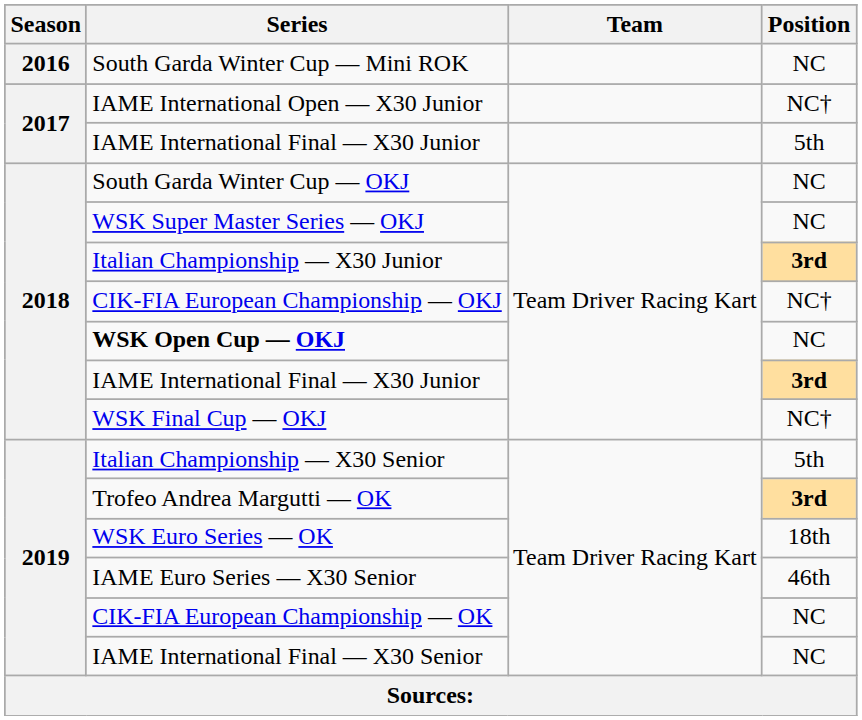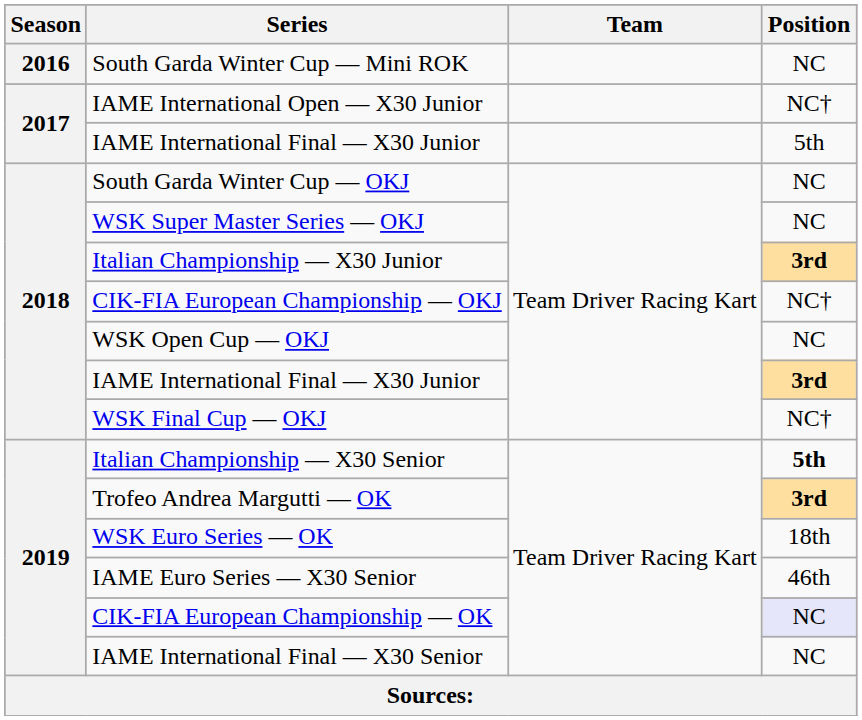 <table class="wikitable" style="font-size: 85%; text-align:center">
 <tr>
 <th>Season</th>
 <th>Series</th>
 <th>Team</th>
 <th>Position</th>
 </tr>
 <tr>
 <th>2016</th>
 <td align="left">South Garda Winter Cup — Mini ROK</td>
 <td align="left"></td>
 <td>NC</td>
 </tr>
 <tr>
 <th rowspan="2">2017</th>
 <td align="left">IAME International Open — X30 Junior</td>
 <td align="left"></td>
 <td>NC†</td>
 </tr>
 <tr>
 <td align="left">IAME International Final — X30 Junior</td>
 <td align="left"></td>
 <td>5th</td>
 </tr>
 <tr>
 <th rowspan="7">2018</th>
 <td align="left">South Garda Winter Cup — <a href='#'>OKJ</a></td>
 <td rowspan="7"  align="left">Team Driver Racing Kart</td>
 <td>NC</td>
 </tr>
 <tr>
 <td align="left"><a href='#'>WSK Super Master Series</a> — <a href='#'>OKJ</a></td>
 <td>NC</td>
 </tr>
 <tr>
 <td align="left"><a href='#'>Italian Championship</a> — X30 Junior</td>
 <td style="background:#FFDF9F;"><strong>3rd</strong></td>
 </tr>
 <tr>
 <td align="left"><a href='#'>CIK-FIA European Championship</a> — <a href='#'>OKJ</a></td>
 <td>NC†</td>
 </tr>
 <tr>
-<td align="left"><strong>WSK Open Cup — <a href='#'>OKJ</a></strong></td>
+<td align="left">WSK Open Cup — <a href='#'>OKJ</a></td>
 <td>NC</td>
 </tr>
 <tr>
 <td align="left">IAME International Final — X30 Junior</td>
 <td style="background:#FFDF9F;"><strong>3rd</strong></td>
 </tr>
 <tr>
 <td align="left"><a href='#'>WSK Final Cup</a> — <a href='#'>OKJ</a></td>
 <td>NC†</td>
 </tr>
 <tr>
 <th rowspan="6">2019</th>
 <td align="left"><a href='#'>Italian Championship</a> — X30 Senior</td>
 <td rowspan="6" align="left">Team Driver Racing Kart</td>
-<td>5th</td>
+<td><strong>5th</strong></td>
 </tr>
 <tr>
 <td align="left">Trofeo Andrea Margutti — <a href='#'>OK</a></td>
 <td style="background:#FFDF9F;"><strong>3rd</strong></td>
 </tr>
 <tr>
 <td align="left"><a href='#'>WSK Euro Series</a> — <a href='#'>OK</a></td>
 <td>18th</td>
 </tr>
 <tr>
 <td align="left">IAME Euro Series — X30 Senior</td>
 <td>46th</td>
 </tr>
 <tr>
 <td align="left"><a href='#'>CIK-FIA European Championship</a> — <a href='#'>OK</a></td>
-<td>NC</td>
+<td style="background: lavender;">NC</td>
 </tr>
 <tr>
 <td align="left">IAME International Final — X30 Senior</td>
 <td>NC</td>
 </tr>
 <tr>
 <th colspan="4">Sources:</th>
 </tr>
 </table>
